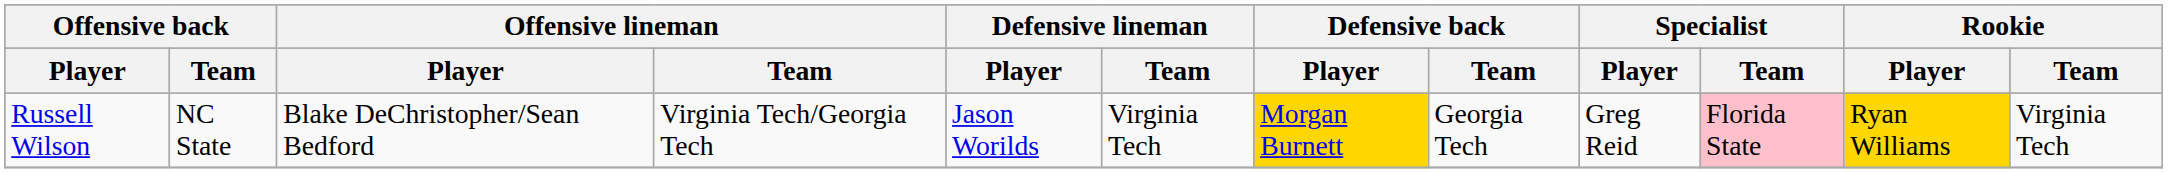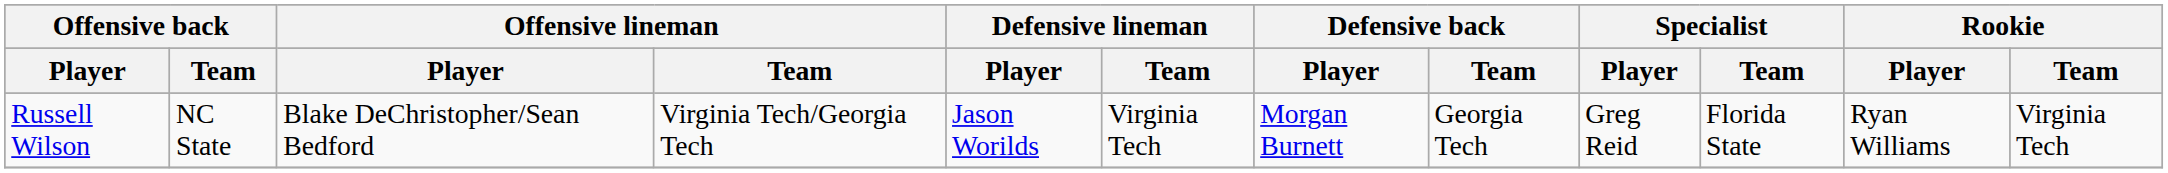 <table class="wikitable" border="1">
 <tr>
 <th colspan="2">Offensive back</th>
 <th colspan="2">Offensive lineman</th>
 <th colspan="2">Defensive lineman</th>
 <th colspan="2">Defensive back</th>
 <th colspan="2">Specialist</th>
 <th colspan="2">Rookie</th>
 </tr>
 <tr>
 <th>Player</th>
 <th>Team</th>
 <th>Player</th>
 <th>Team</th>
 <th>Player</th>
 <th>Team</th>
 <th>Player</th>
 <th>Team</th>
 <th>Player</th>
 <th>Team</th>
 <th>Player</th>
 <th>Team</th>
 </tr>
 <tr>
 <td><a href='#'>Russell Wilson</a></td>
 <td>NC State</td>
 <td>Blake DeChristopher/Sean Bedford</td>
 <td>Virginia Tech/Georgia Tech</td>
 <td><a href='#'>Jason Worilds</a></td>
 <td>Virginia Tech</td>
-<td style="background: gold;"><a href='#'>Morgan Burnett</a></td>
+<td><a href='#'>Morgan Burnett</a></td>
 <td>Georgia Tech</td>
 <td>Greg Reid</td>
-<td style="background: pink;">Florida State</td>
-<td style="background: gold;">Ryan Williams</td>
+<td>Florida State</td>
+<td>Ryan Williams</td>
 <td>Virginia Tech</td>
 </tr>
 <tr>
 </tr>
 </table>
